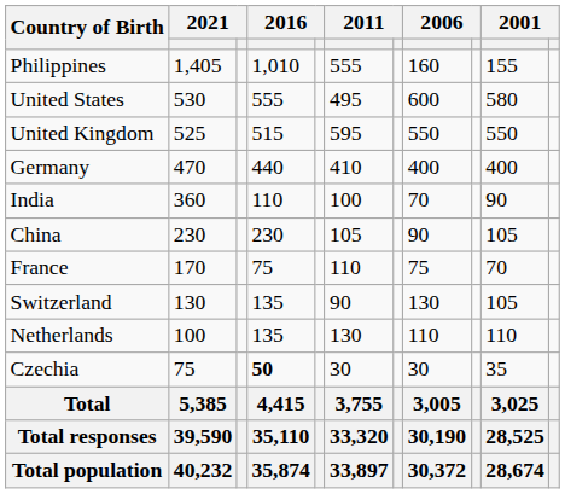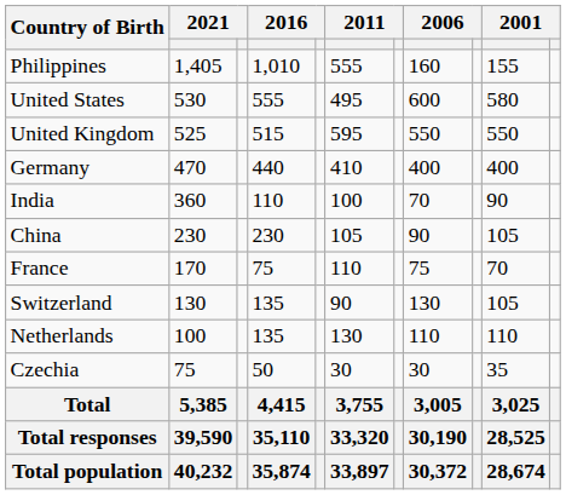 <table class="wikitable sortable">
 <tr>
 <th rowspan="2">Country of Birth</th>
 <th colspan="2">2021</th>
 <th colspan="2">2016</th>
 <th colspan="2">2011</th>
 <th colspan="2">2006</th>
 <th colspan="2">2001</th>
 </tr>
 <tr>
 <th><a href='#'></a></th>
 <th></th>
 <th></th>
 <th></th>
 <th></th>
 <th></th>
 <th></th>
 <th></th>
 <th></th>
 <th></th>
 </tr>
 <tr>
 <td>Philippines</td>
 <td>1,405</td>
 <td></td>
 <td>1,010</td>
 <td></td>
 <td>555</td>
 <td></td>
 <td>160</td>
 <td></td>
 <td>155</td>
 <td></td>
 </tr>
 <tr>
 <td>United States</td>
 <td>530</td>
 <td></td>
 <td>555</td>
 <td></td>
 <td>495</td>
 <td></td>
 <td>600</td>
 <td></td>
 <td>580</td>
 <td></td>
 </tr>
 <tr>
 <td>United Kingdom</td>
 <td>525</td>
 <td></td>
 <td>515</td>
 <td></td>
 <td>595</td>
 <td></td>
 <td>550</td>
 <td></td>
 <td>550</td>
 <td></td>
 </tr>
 <tr>
 <td>Germany</td>
 <td>470</td>
 <td></td>
 <td>440</td>
 <td></td>
 <td>410</td>
 <td></td>
 <td>400</td>
 <td></td>
 <td>400</td>
 <td></td>
 </tr>
 <tr>
 <td>India</td>
 <td>360</td>
 <td></td>
 <td>110</td>
 <td></td>
 <td>100</td>
 <td></td>
 <td>70</td>
 <td></td>
 <td>90</td>
 <td></td>
 </tr>
 <tr>
 <td>China</td>
 <td>230</td>
 <td></td>
 <td>230</td>
 <td></td>
 <td>105</td>
 <td></td>
 <td>90</td>
 <td></td>
 <td>105</td>
 <td></td>
 </tr>
 <tr>
 <td>France</td>
 <td>170</td>
 <td></td>
 <td>75</td>
 <td></td>
 <td>110</td>
 <td></td>
 <td>75</td>
 <td></td>
 <td>70</td>
 <td></td>
 </tr>
 <tr>
 <td>Switzerland</td>
 <td>130</td>
 <td></td>
 <td>135</td>
 <td></td>
 <td>90</td>
 <td></td>
 <td>130</td>
 <td></td>
 <td>105</td>
 <td></td>
 </tr>
 <tr>
 <td>Netherlands</td>
 <td>100</td>
 <td></td>
 <td>135</td>
 <td></td>
 <td>130</td>
 <td></td>
 <td>110</td>
 <td></td>
 <td>110</td>
 <td></td>
 </tr>
 <tr>
 <td>Czechia</td>
 <td>75</td>
 <td></td>
-<td><strong>50</strong></td>
+<td>50</td>
 <td></td>
 <td>30</td>
 <td></td>
 <td>30</td>
 <td></td>
 <td>35</td>
 <td></td>
 </tr>
 <tr>
 <th>Total</th>
 <th>5,385</th>
 <th></th>
 <th>4,415</th>
 <th></th>
 <th>3,755</th>
 <th></th>
 <th>3,005</th>
 <th></th>
 <th>3,025</th>
 <th></th>
 </tr>
 <tr class="sortbottom">
 <th>Total responses</th>
 <th>39,590</th>
 <th></th>
 <th>35,110</th>
 <th></th>
 <th>33,320</th>
 <th></th>
 <th>30,190</th>
 <th></th>
 <th>28,525</th>
 <th></th>
 </tr>
 <tr class="sortbottom">
 <th>Total population</th>
 <th>40,232</th>
 <th></th>
 <th>35,874</th>
 <th></th>
 <th>33,897</th>
 <th></th>
 <th>30,372</th>
 <th></th>
 <th>28,674</th>
 <th></th>
 </tr>
 </table>
